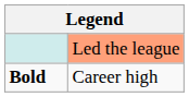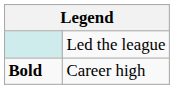 <table class="wikitable mw-collapsible mw-collapsed">
 <tr>
 <th colspan="2">Legend</th>
 </tr>
 <tr>
 <td style="background:#cfecec; width:3em;"></td>
-<td style="background: lightsalmon;">Led the league</td>
+<td>Led the league</td>
 </tr>
 <tr>
 <td><strong>Bold</strong></td>
 <td>Career high</td>
 </tr>
 </table>
